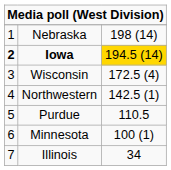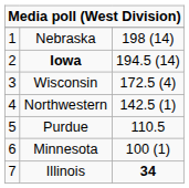 <table class="wikitable" style="display: inline-table;">
 <tr>
 <td align="center" Colspan="3"><strong>Media poll (West Division)</strong></td>
 </tr>
 <tr align="center">
 </tr>
 <tr align="center">
 <td>1</td>
 <td>Nebraska</td>
 <td>198 (14)</td>
 </tr>
 <tr align="center">
-<td><strong>2</strong></td>
+<td>2</td>
 <td><strong>Iowa</strong></td>
-<td style="background: gold;">194.5 (14)</td>
+<td>194.5 (14)</td>
 </tr>
 <tr align="center">
 <td>3</td>
 <td>Wisconsin</td>
 <td>172.5 (4)</td>
 </tr>
 <tr align="center">
 <td>4</td>
 <td>Northwestern</td>
 <td>142.5 (1)</td>
 </tr>
 <tr align="center">
 <td>5</td>
 <td>Purdue</td>
 <td>110.5</td>
 </tr>
 <tr align="center">
 <td>6</td>
 <td>Minnesota</td>
 <td>100 (1)</td>
 </tr>
 <tr align="center">
 <td>7</td>
 <td>Illinois</td>
-<td>34</td>
+<td><strong>34</strong></td>
 </tr>
 </table>
